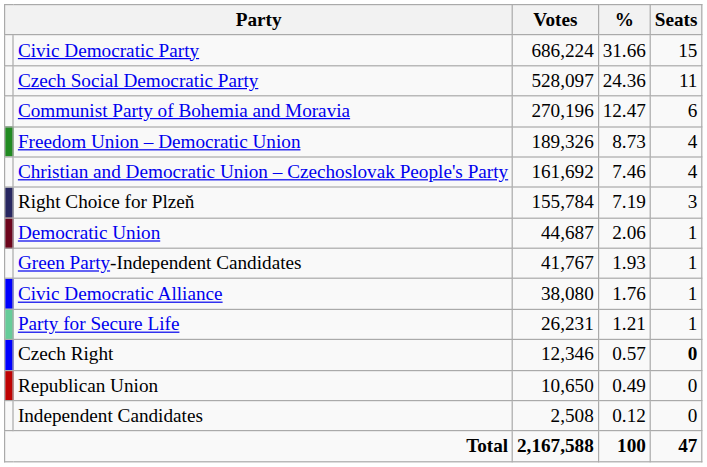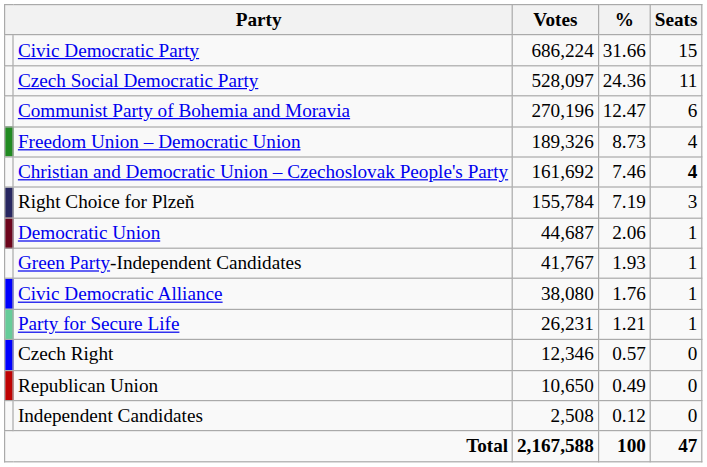 <table class=wikitable style=text-align:right>
 <tr>
 <th colspan=2>Party</th>
 <th>Votes</th>
 <th>%</th>
 <th>Seats</th>
 </tr>
 <tr>
 <td></td>
 <td align=left><a href='#'>Civic Democratic Party</a></td>
 <td>686,224</td>
 <td>31.66</td>
 <td>15</td>
 </tr>
 <tr>
 <td></td>
 <td align=left><a href='#'>Czech Social Democratic Party</a></td>
 <td>528,097</td>
 <td>24.36</td>
 <td>11</td>
 </tr>
 <tr>
 <td></td>
 <td align=left><a href='#'>Communist Party of Bohemia and Moravia</a></td>
 <td>270,196</td>
 <td>12.47</td>
 <td>6</td>
 </tr>
 <tr>
 <td style="background:#228b22;"></td>
 <td align=left><a href='#'>Freedom Union – Democratic Union</a></td>
 <td>189,326</td>
 <td>8.73</td>
 <td>4</td>
 </tr>
 <tr>
 <td></td>
 <td align=left><a href='#'>Christian and Democratic Union – Czechoslovak People's Party</a></td>
 <td>161,692</td>
 <td>7.46</td>
-<td>4</td>
+<td><strong>4</strong></td>
 </tr>
 <tr>
 <td style="background:#272660;"></td>
 <td align=left>Right Choice for Plzeň</td>
 <td>155,784</td>
 <td>7.19</td>
 <td>3</td>
 </tr>
 <tr>
 <td style="background:#6D051C;"></td>
 <td align=left><a href='#'>Democratic Union</a></td>
 <td>44,687</td>
 <td>2.06</td>
 <td>1</td>
 </tr>
 <tr>
 <td></td>
 <td align=left><a href='#'>Green Party</a>-Independent Candidates</td>
 <td>41,767</td>
 <td>1.93</td>
 <td>1</td>
 </tr>
 <tr>
 <td style="background:#0000FF;"></td>
 <td align=left><a href='#'>Civic Democratic Alliance</a></td>
 <td>38,080</td>
 <td>1.76</td>
 <td>1</td>
 </tr>
 <tr>
 <td style="background:#66CC99;"></td>
 <td align=left><a href='#'>Party for Secure Life</a></td>
 <td>26,231</td>
 <td>1.21</td>
 <td>1</td>
 </tr>
 <tr>
 <td style="background:blue;"></td>
 <td align=left>Czech Right</td>
 <td>12,346</td>
 <td>0.57</td>
-<td><strong>0</strong></td>
+<td>0</td>
 </tr>
 <tr>
 <td style="background:#bf0202;"></td>
 <td align=left>Republican Union</td>
 <td>10,650</td>
 <td>0.49</td>
 <td>0</td>
 </tr>
 <tr>
 <td></td>
 <td align=left>Independent Candidates</td>
 <td>2,508</td>
 <td>0.12</td>
 <td>0</td>
 </tr>
 <tr>
 <td colspan="2"><strong>Total</strong></td>
 <td><strong>2,167,588</strong></td>
 <td><strong>100</strong></td>
 <td><strong>47</strong></td>
 </tr>
 </table>
